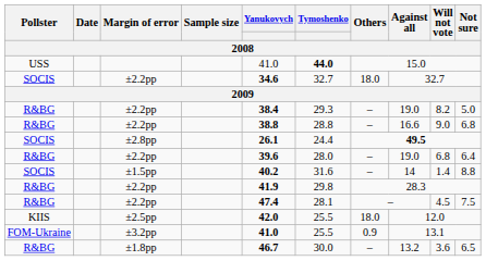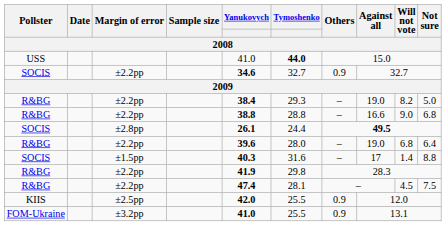 <table class="wikitable" style="text-align:center;font-size:95%;line-height:14px;">
 <tr>
 <th rowspan="2">Pollster</th>
 <th rowspan="2">Date</th>
 <th rowspan="2">Margin of error</th>
 <th rowspan="2">Sample size</th>
 <th style="width:40px;"> <small><a href='#'>Yanukovych</a></small><br></th>
 <th style="width:40px;"> <small><a href='#'>Tymoshenko</a></small><br></th>
 <th rowspan="2" style="width:20px;">Others</th>
 <th rowspan="2" style="width:20px;">Against all</th>
 <th rowspan="2" style="width:20px;">Will not vote</th>
 <th rowspan="2" style="width:20px;">Not sure</th>
 </tr>
 <tr>
 <th></th>
 <th></th>
 </tr>
 <tr>
 <th colspan="10">2008</th>
 </tr>
 <tr>
 <td>USS</td>
 <td></td>
 <td></td>
 <td></td>
 <td>41.0</td>
 <td style="background-color:#"><strong>44.0</strong></td>
 <td colspan="4">15.0</td>
 </tr>
 <tr>
 <td><a href='#'>SOCIS</a></td>
 <td></td>
 <td>±2.2pp</td>
 <td></td>
 <td style="background-color:#"><strong>34.6</strong></td>
 <td>32.7</td>
-<td>18.0</td>
+<td>0.9</td>
 <td colspan="3">32.7</td>
 </tr>
 <tr>
 <th colspan="10">2009</th>
 </tr>
 <tr>
 <td><a href='#'>R&BG</a></td>
 <td></td>
 <td>±2.2pp</td>
 <td></td>
 <td style="background-color:#"><strong>38.4</strong></td>
 <td>29.3</td>
 <td>–</td>
 <td>19.0</td>
 <td>8.2</td>
 <td>5.0</td>
 </tr>
 <tr>
 <td><a href='#'>R&BG</a></td>
 <td></td>
 <td>±2.2pp</td>
 <td></td>
 <td style="background-color:#"><strong>38.8</strong></td>
 <td>28.8</td>
 <td>–</td>
 <td>16.6</td>
 <td>9.0</td>
 <td>6.8</td>
 </tr>
 <tr>
 <td><a href='#'>SOCIS</a></td>
 <td></td>
 <td>±2.8pp</td>
 <td></td>
 <td style="background-color:#"><strong>26.1</strong></td>
 <td>24.4</td>
 <td colspan=4 style="background-color:#"><strong>49.5</strong></td>
 </tr>
 <tr>
 <td><a href='#'>R&BG</a></td>
 <td></td>
 <td>±2.2pp</td>
 <td></td>
 <td style="background-color:#"><strong>39.6</strong></td>
 <td>28.0</td>
 <td>–</td>
 <td>19.0</td>
 <td>6.8</td>
 <td>6.4</td>
 </tr>
 <tr>
 <td><a href='#'>SOCIS</a></td>
 <td></td>
 <td>±1.5pp</td>
 <td></td>
-<td style="background-color:#"><strong>40.2</strong></td>
+<td style="background-color:#"><strong>40.3</strong></td>
 <td>31.6</td>
 <td>–</td>
-<td>14</td>
+<td>17</td>
 <td>1.4</td>
 <td>8.8</td>
 </tr>
 <tr>
 <td><a href='#'>R&BG</a></td>
 <td></td>
 <td>±2.2pp</td>
 <td></td>
 <td style="background-color:#"><strong>41.9</strong></td>
 <td>29.8</td>
 <td colspan="4">28.3</td>
 </tr>
 <tr>
 <td><a href='#'>R&BG</a></td>
 <td></td>
 <td>±2.2pp</td>
 <td></td>
 <td style="background-color:#"><strong>47.4</strong></td>
 <td>28.1</td>
 <td colspan="2">–</td>
 <td>4.5</td>
 <td>7.5</td>
 </tr>
 <tr>
 <td>KIIS</td>
 <td></td>
 <td>±2.5pp</td>
 <td></td>
 <td style="background-color:#"><strong>42.0</strong></td>
 <td>25.5</td>
-<td>18.0</td>
+<td>0.9</td>
 <td colspan="3">12.0</td>
 </tr>
 <tr>
 <td><a href='#'>FOM-Ukraine</a></td>
 <td></td>
 <td>±3.2pp</td>
 <td></td>
 <td style="background-color:#"><strong>41.0</strong></td>
 <td>25.5</td>
 <td>0.9</td>
 <td colspan="3">13.1</td>
 </tr>
-<tr>
-<td><a href='#'>R&BG</a></td>
-<td></td>
-<td>±1.8pp</td>
-<td></td>
-<td style="background-color:#"><strong>46.7</strong></td>
-<td>30.0</td>
-<td>–</td>
-<td>13.2</td>
-<td>3.6</td>
-<td>6.5</td>
-</tr>
 </table>
